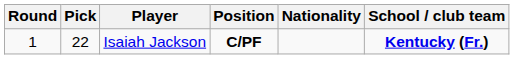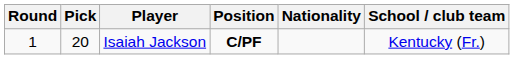 <table class="wikitable sortable sortable">
 <tr>
 <th>Round</th>
 <th>Pick</th>
 <th>Player</th>
 <th>Position</th>
 <th>Nationality</th>
 <th>School / club team</th>
 </tr>
 <tr style="text-align: center">
 <td>1</td>
-<td>22</td>
+<td>20</td>
 <td><a href='#'>Isaiah Jackson</a></td>
 <td><strong>C/PF</strong></td>
 <td></td>
-<td><strong><a href='#'>Kentucky</a> (<a href='#'>Fr.</a>)</strong></td>
+<td><a href='#'>Kentucky</a> (<a href='#'>Fr.</a>)</td>
 </tr>
 </table>
